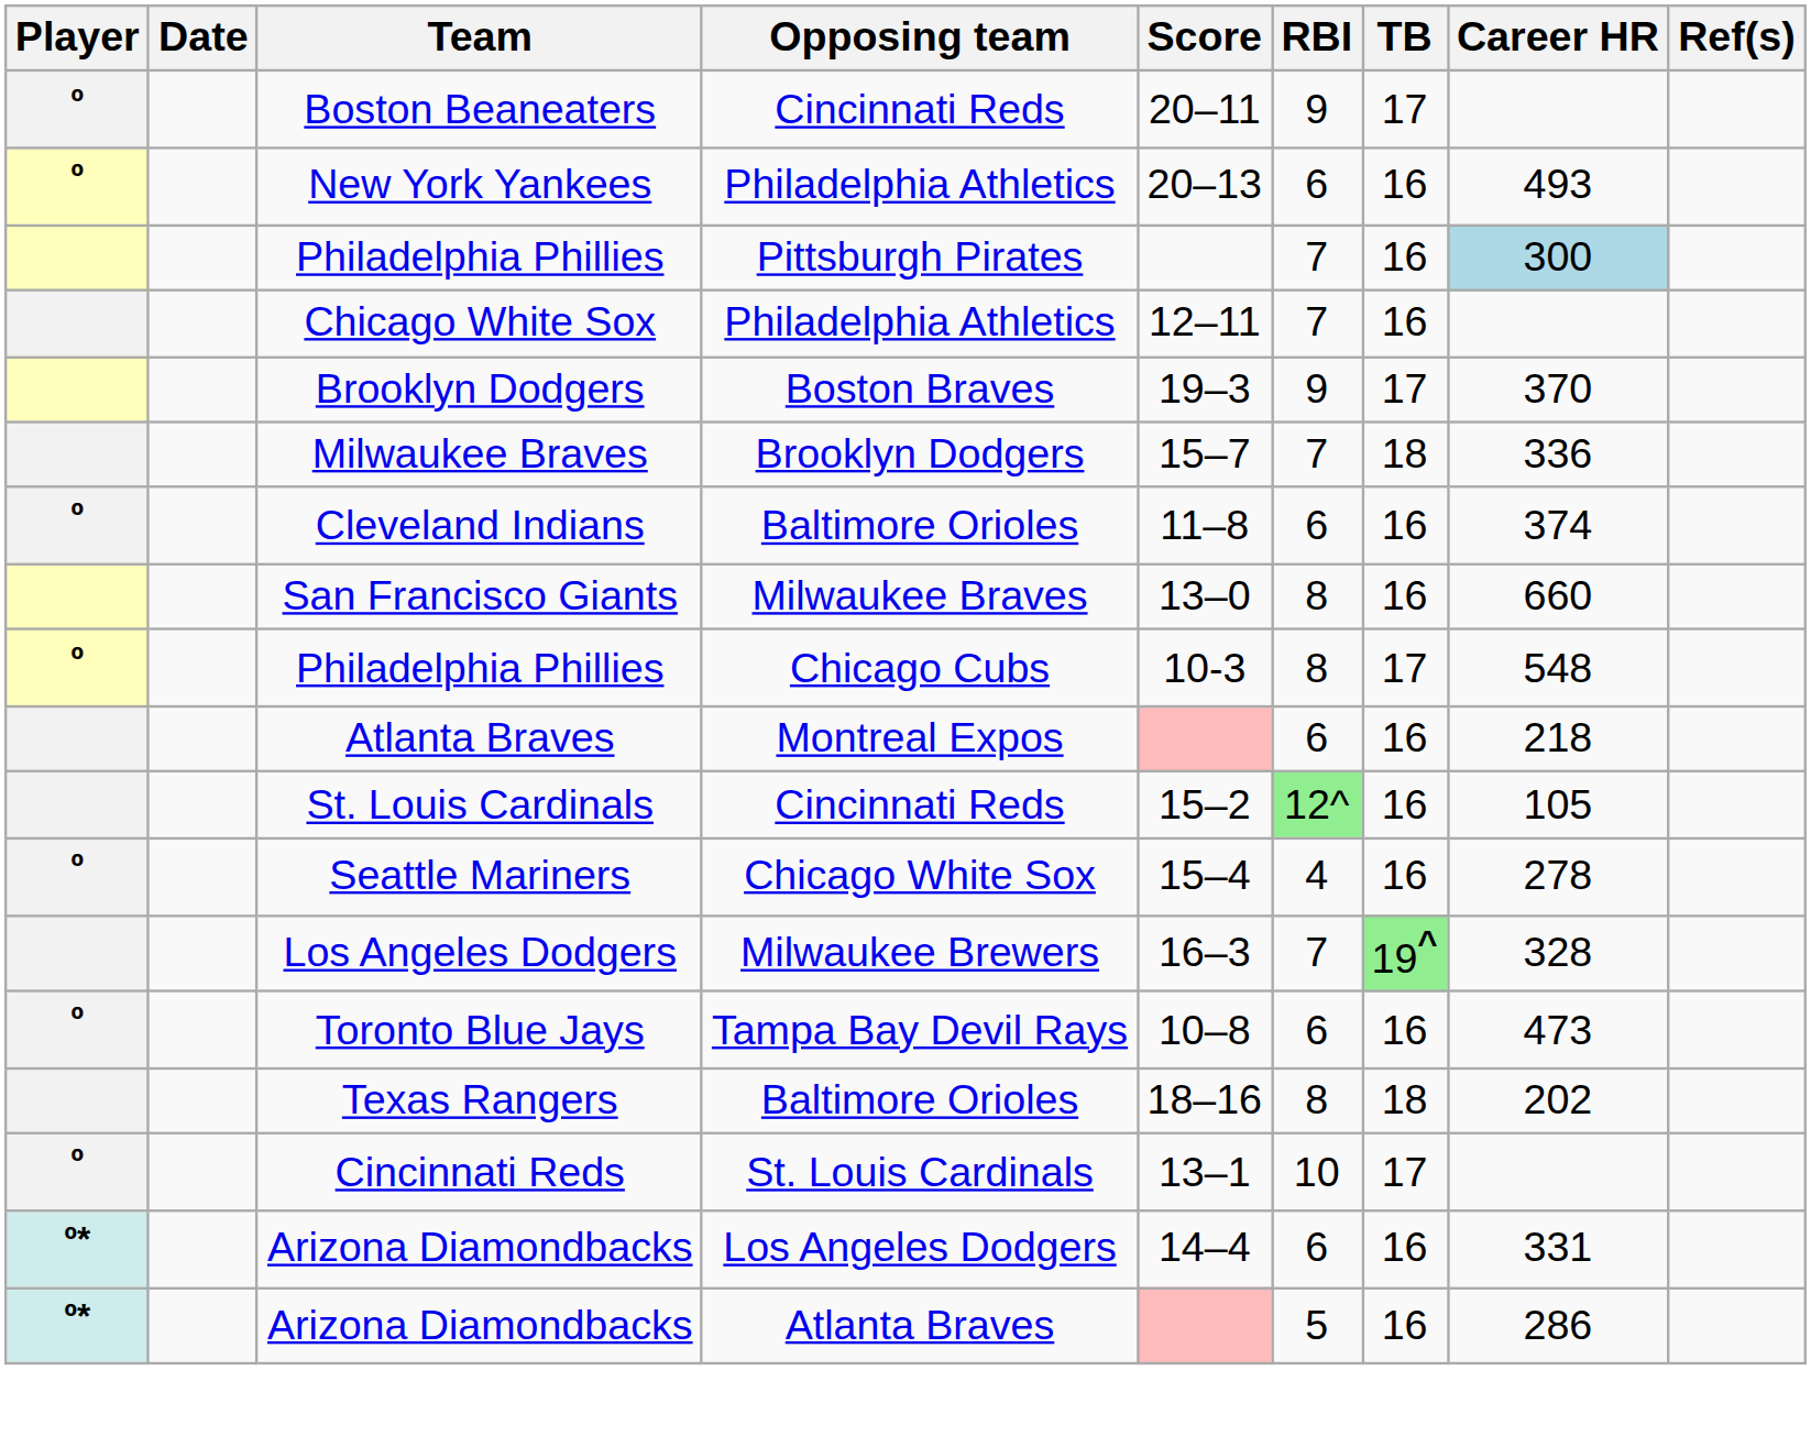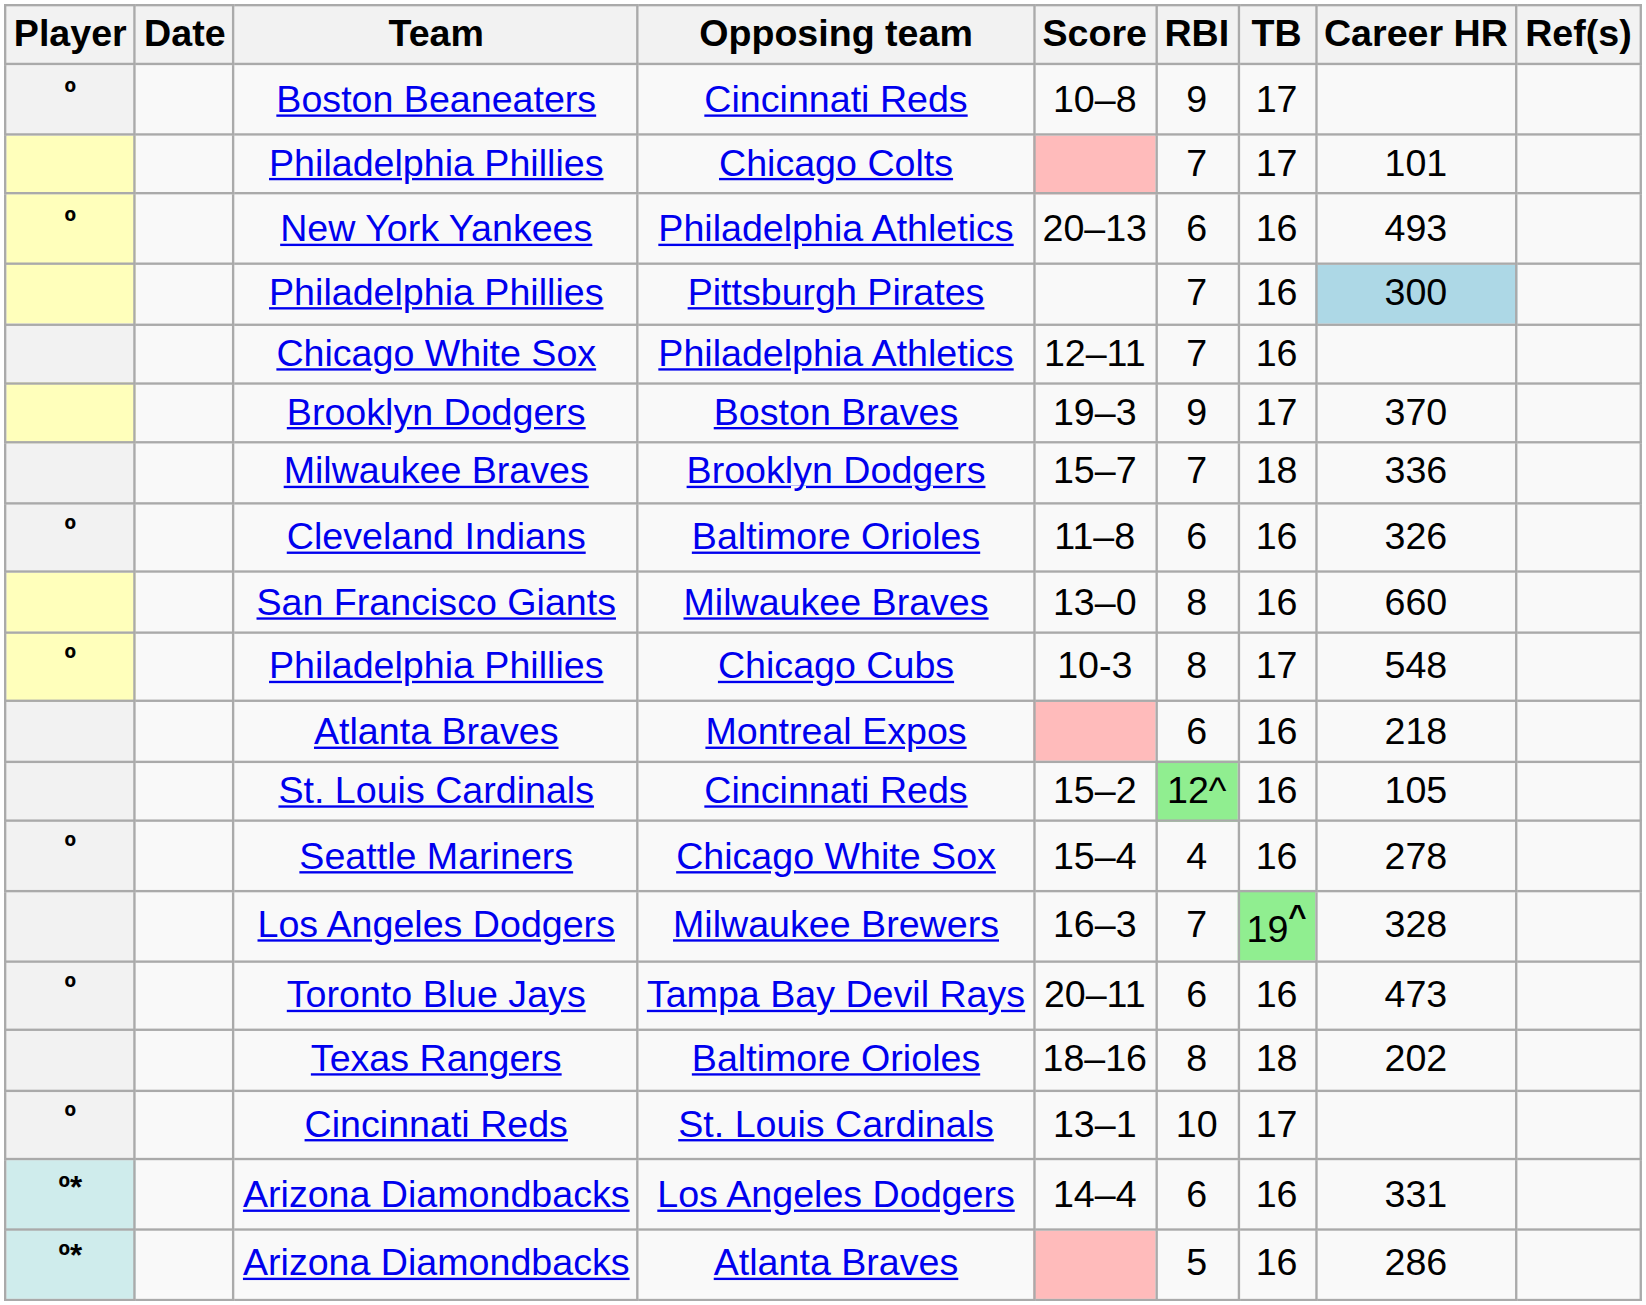 <table class="wikitable sortable plainrowheaders" style="text-align:center">
 <tr>
 <th scope="col">Player</th>
 <th scope="col">Date</th>
 <th scope="col">Team</th>
 <th scope="col">Opposing team</th>
 <th scope="col">Score</th>
 <th scope="col">RBI</th>
 <th scope="col">TB</th>
 <th scope="col">Career HR</th>
 <th scope="col" class="unsortable">Ref(s)</th>
 </tr>
 <tr>
 <th scope="row" style="text-align:center"><sup>º</sup></th>
 <td></td>
 <td><a href='#'>Boston Beaneaters</a></td>
 <td><a href='#'>Cincinnati Reds</a></td>
-<td>20–11</td>
+<td>10–8</td>
 <td>9</td>
 <td>17</td>
 <td></td>
+<td></td>
+</tr>
+<tr>
+<th scope="row" style="text-align:center; background-color: #ffffbb"></th>
+<td></td>
+<td><a href='#'>Philadelphia Phillies</a></td>
+<td><a href='#'>Chicago Colts</a></td>
+<td bgcolor="#ffbbbb"></td>
+<td>7</td>
+<td>17</td>
+<td>101</td>
 <td></td>
 </tr>
 <tr>
 <th scope="row" style="text-align:center; background-color: #ffffbb"><sup>º</sup></th>
 <td></td>
 <td><a href='#'>New York Yankees</a></td>
 <td><a href='#'>Philadelphia Athletics</a></td>
 <td>20–13</td>
 <td>6</td>
 <td>16</td>
 <td>493</td>
 <td></td>
 </tr>
 <tr>
 <th scope="row" style="text-align:center; background-color: #ffffbb"></th>
 <td></td>
 <td><a href='#'>Philadelphia Phillies</a></td>
 <td><a href='#'>Pittsburgh Pirates</a></td>
 <td></td>
 <td>7</td>
 <td>16</td>
 <td style="background: lightblue;">300</td>
 <td></td>
 </tr>
 <tr>
 <th scope="row" style="text-align:center"></th>
 <td></td>
 <td><a href='#'>Chicago White Sox</a></td>
 <td><a href='#'>Philadelphia Athletics</a></td>
 <td>12–11</td>
 <td>7</td>
 <td>16</td>
 <td></td>
 <td></td>
 </tr>
 <tr>
 <th scope="row" style="text-align:center; background-color: #ffffbb"></th>
 <td></td>
 <td><a href='#'>Brooklyn Dodgers</a></td>
 <td><a href='#'>Boston Braves</a></td>
 <td>19–3</td>
 <td>9</td>
 <td>17</td>
 <td>370</td>
 <td></td>
 </tr>
 <tr>
 <th scope="row" style="text-align:center"></th>
 <td></td>
 <td><a href='#'>Milwaukee Braves</a></td>
 <td><a href='#'>Brooklyn Dodgers</a></td>
 <td>15–7</td>
 <td>7</td>
 <td>18</td>
 <td>336</td>
 <td></td>
 </tr>
 <tr>
 <th scope="row" style="text-align:center"><sup>º</sup></th>
 <td></td>
 <td><a href='#'>Cleveland Indians</a></td>
 <td><a href='#'>Baltimore Orioles</a></td>
 <td>11–8</td>
 <td>6</td>
 <td>16</td>
-<td>374</td>
+<td>326</td>
 <td></td>
 </tr>
 <tr>
 <th scope="row" style="text-align:center; background-color: #ffffbb"></th>
 <td></td>
 <td><a href='#'>San Francisco Giants</a></td>
 <td><a href='#'>Milwaukee Braves</a></td>
 <td>13–0</td>
 <td>8</td>
 <td>16</td>
 <td>660</td>
 <td></td>
 </tr>
 <tr>
 <th scope="row" style="text-align:center; background-color: #ffffbb"><sup>º</sup></th>
 <td></td>
 <td><a href='#'>Philadelphia Phillies</a></td>
 <td><a href='#'>Chicago Cubs</a></td>
 <td>10-3</td>
 <td>8</td>
 <td>17</td>
 <td>548</td>
 <td></td>
 </tr>
 <tr>
 <th scope="row" style="text-align:center"></th>
 <td></td>
 <td><a href='#'>Atlanta Braves</a></td>
 <td><a href='#'>Montreal Expos</a></td>
 <td bgcolor="#ffbbbb"></td>
 <td>6</td>
 <td>16</td>
 <td>218</td>
 <td></td>
 </tr>
 <tr>
 <th scope="row" style="text-align:center"></th>
 <td></td>
 <td><a href='#'>St. Louis Cardinals</a></td>
 <td><a href='#'>Cincinnati Reds</a></td>
 <td>15–2</td>
 <td bgcolor=lightgreen>12^</td>
 <td>16</td>
 <td>105</td>
 <td></td>
 </tr>
 <tr>
 <th scope="row" style="text-align:center"><sup>º</sup></th>
 <td></td>
 <td><a href='#'>Seattle Mariners</a></td>
 <td><a href='#'>Chicago White Sox</a></td>
 <td>15–4</td>
 <td>4</td>
 <td>16</td>
 <td>278</td>
 <td></td>
 </tr>
 <tr>
 <th scope="row" style="text-align:center"></th>
 <td></td>
 <td><a href='#'>Los Angeles Dodgers</a></td>
 <td><a href='#'>Milwaukee Brewers</a></td>
 <td>16–3</td>
 <td>7</td>
 <td bgcolor=lightgreen>19<strong><sup>^</sup></strong></td>
 <td>328</td>
 <td></td>
 </tr>
 <tr>
 <th scope="row" style="text-align:center"><sup>º</sup></th>
 <td></td>
 <td><a href='#'>Toronto Blue Jays</a></td>
 <td><a href='#'>Tampa Bay Devil Rays</a></td>
-<td>10–8</td>
+<td>20–11</td>
 <td>6</td>
 <td>16</td>
 <td>473</td>
 <td></td>
 </tr>
 <tr>
 <th scope="row" style="text-align:center;"></th>
 <td></td>
 <td><a href='#'>Texas Rangers</a></td>
 <td><a href='#'>Baltimore Orioles</a></td>
 <td>18–16</td>
 <td>8</td>
 <td>18</td>
 <td>202</td>
 <td></td>
 </tr>
 <tr>
 <th scope="row" style="text-align:center;"><sup>º</sup></th>
 <td></td>
 <td><a href='#'>Cincinnati Reds</a></td>
 <td><a href='#'>St. Louis Cardinals</a></td>
 <td>13–1</td>
 <td>10</td>
 <td>17</td>
 <td></td>
 <td></td>
 </tr>
 <tr>
 <th scope="row" style="text-align:center; background-color:#CFECEC;"><sup>º*</sup></th>
 <td></td>
 <td><a href='#'>Arizona Diamondbacks</a></td>
 <td><a href='#'>Los Angeles Dodgers</a></td>
 <td>14–4</td>
 <td>6</td>
 <td>16</td>
 <td>331</td>
 <td></td>
 </tr>
 <tr>
 <th scope="row" style="text-align:center; background-color:#CFECEC;"><sup>º*</sup></th>
 <td></td>
 <td><a href='#'>Arizona Diamondbacks</a></td>
 <td><a href='#'>Atlanta Braves</a></td>
 <td bgcolor="#ffbbbb"></td>
 <td>5</td>
 <td>16</td>
 <td>286</td>
 <td></td>
 </tr>
 </table>
